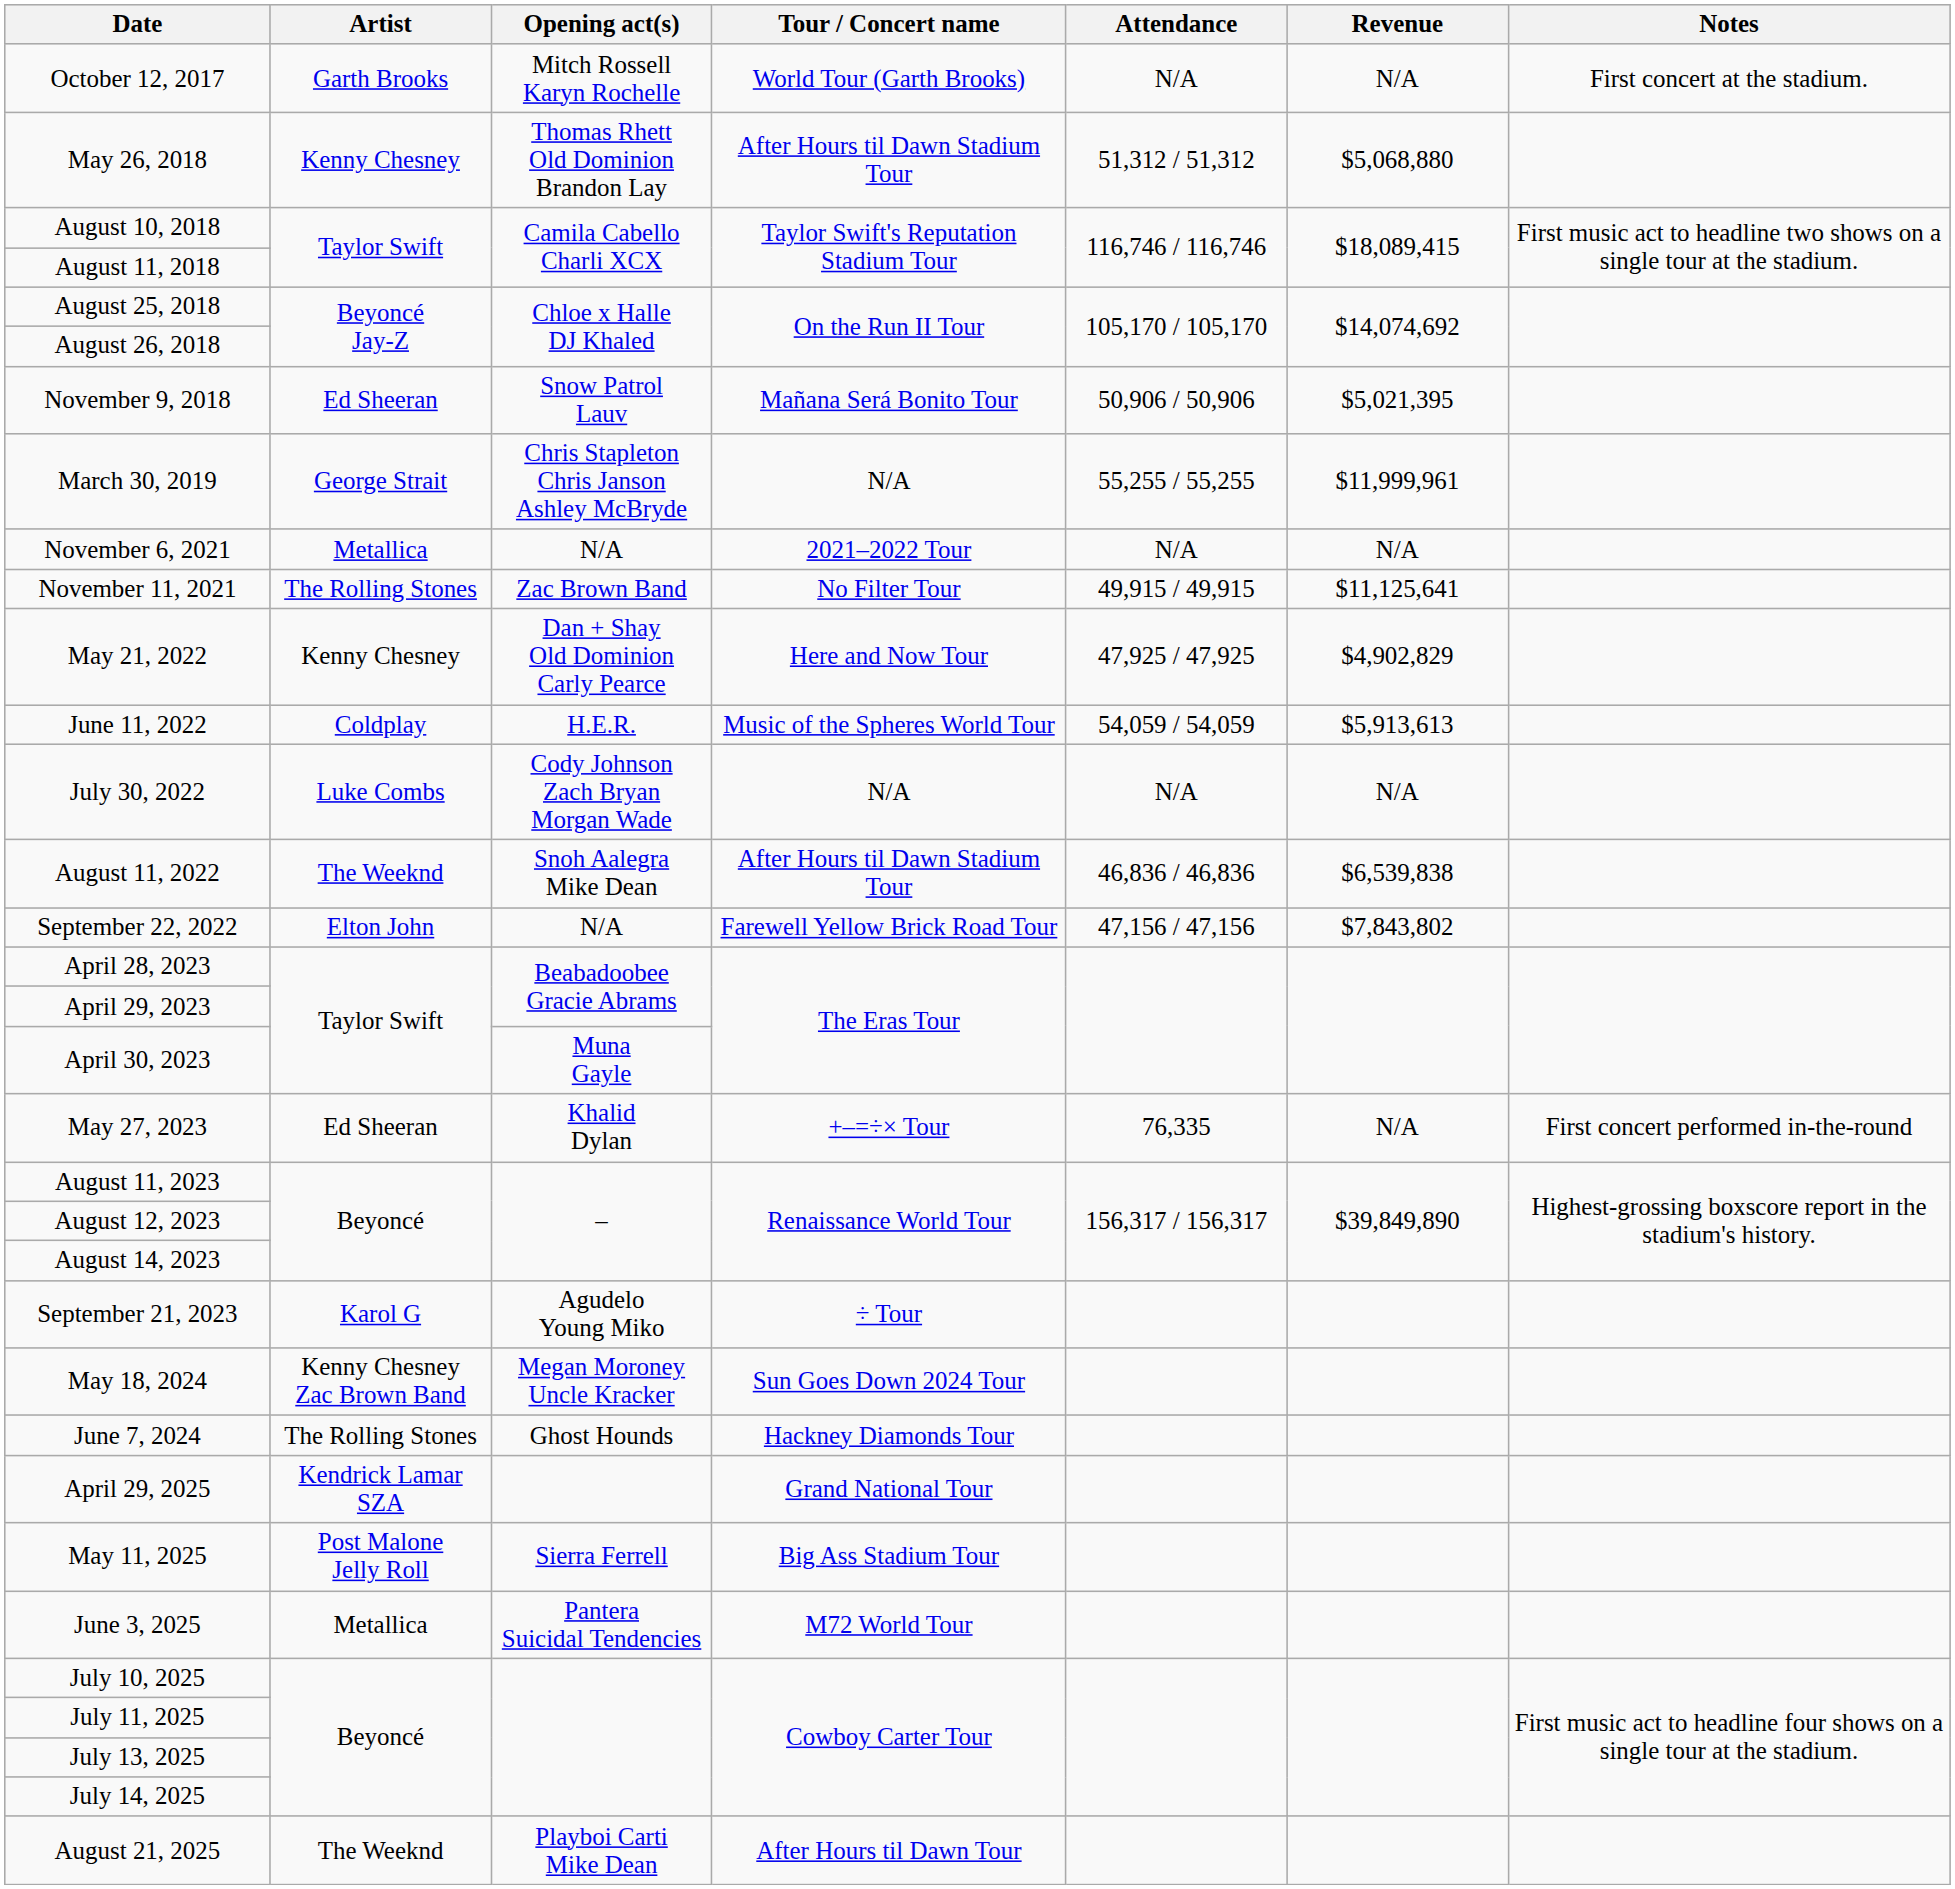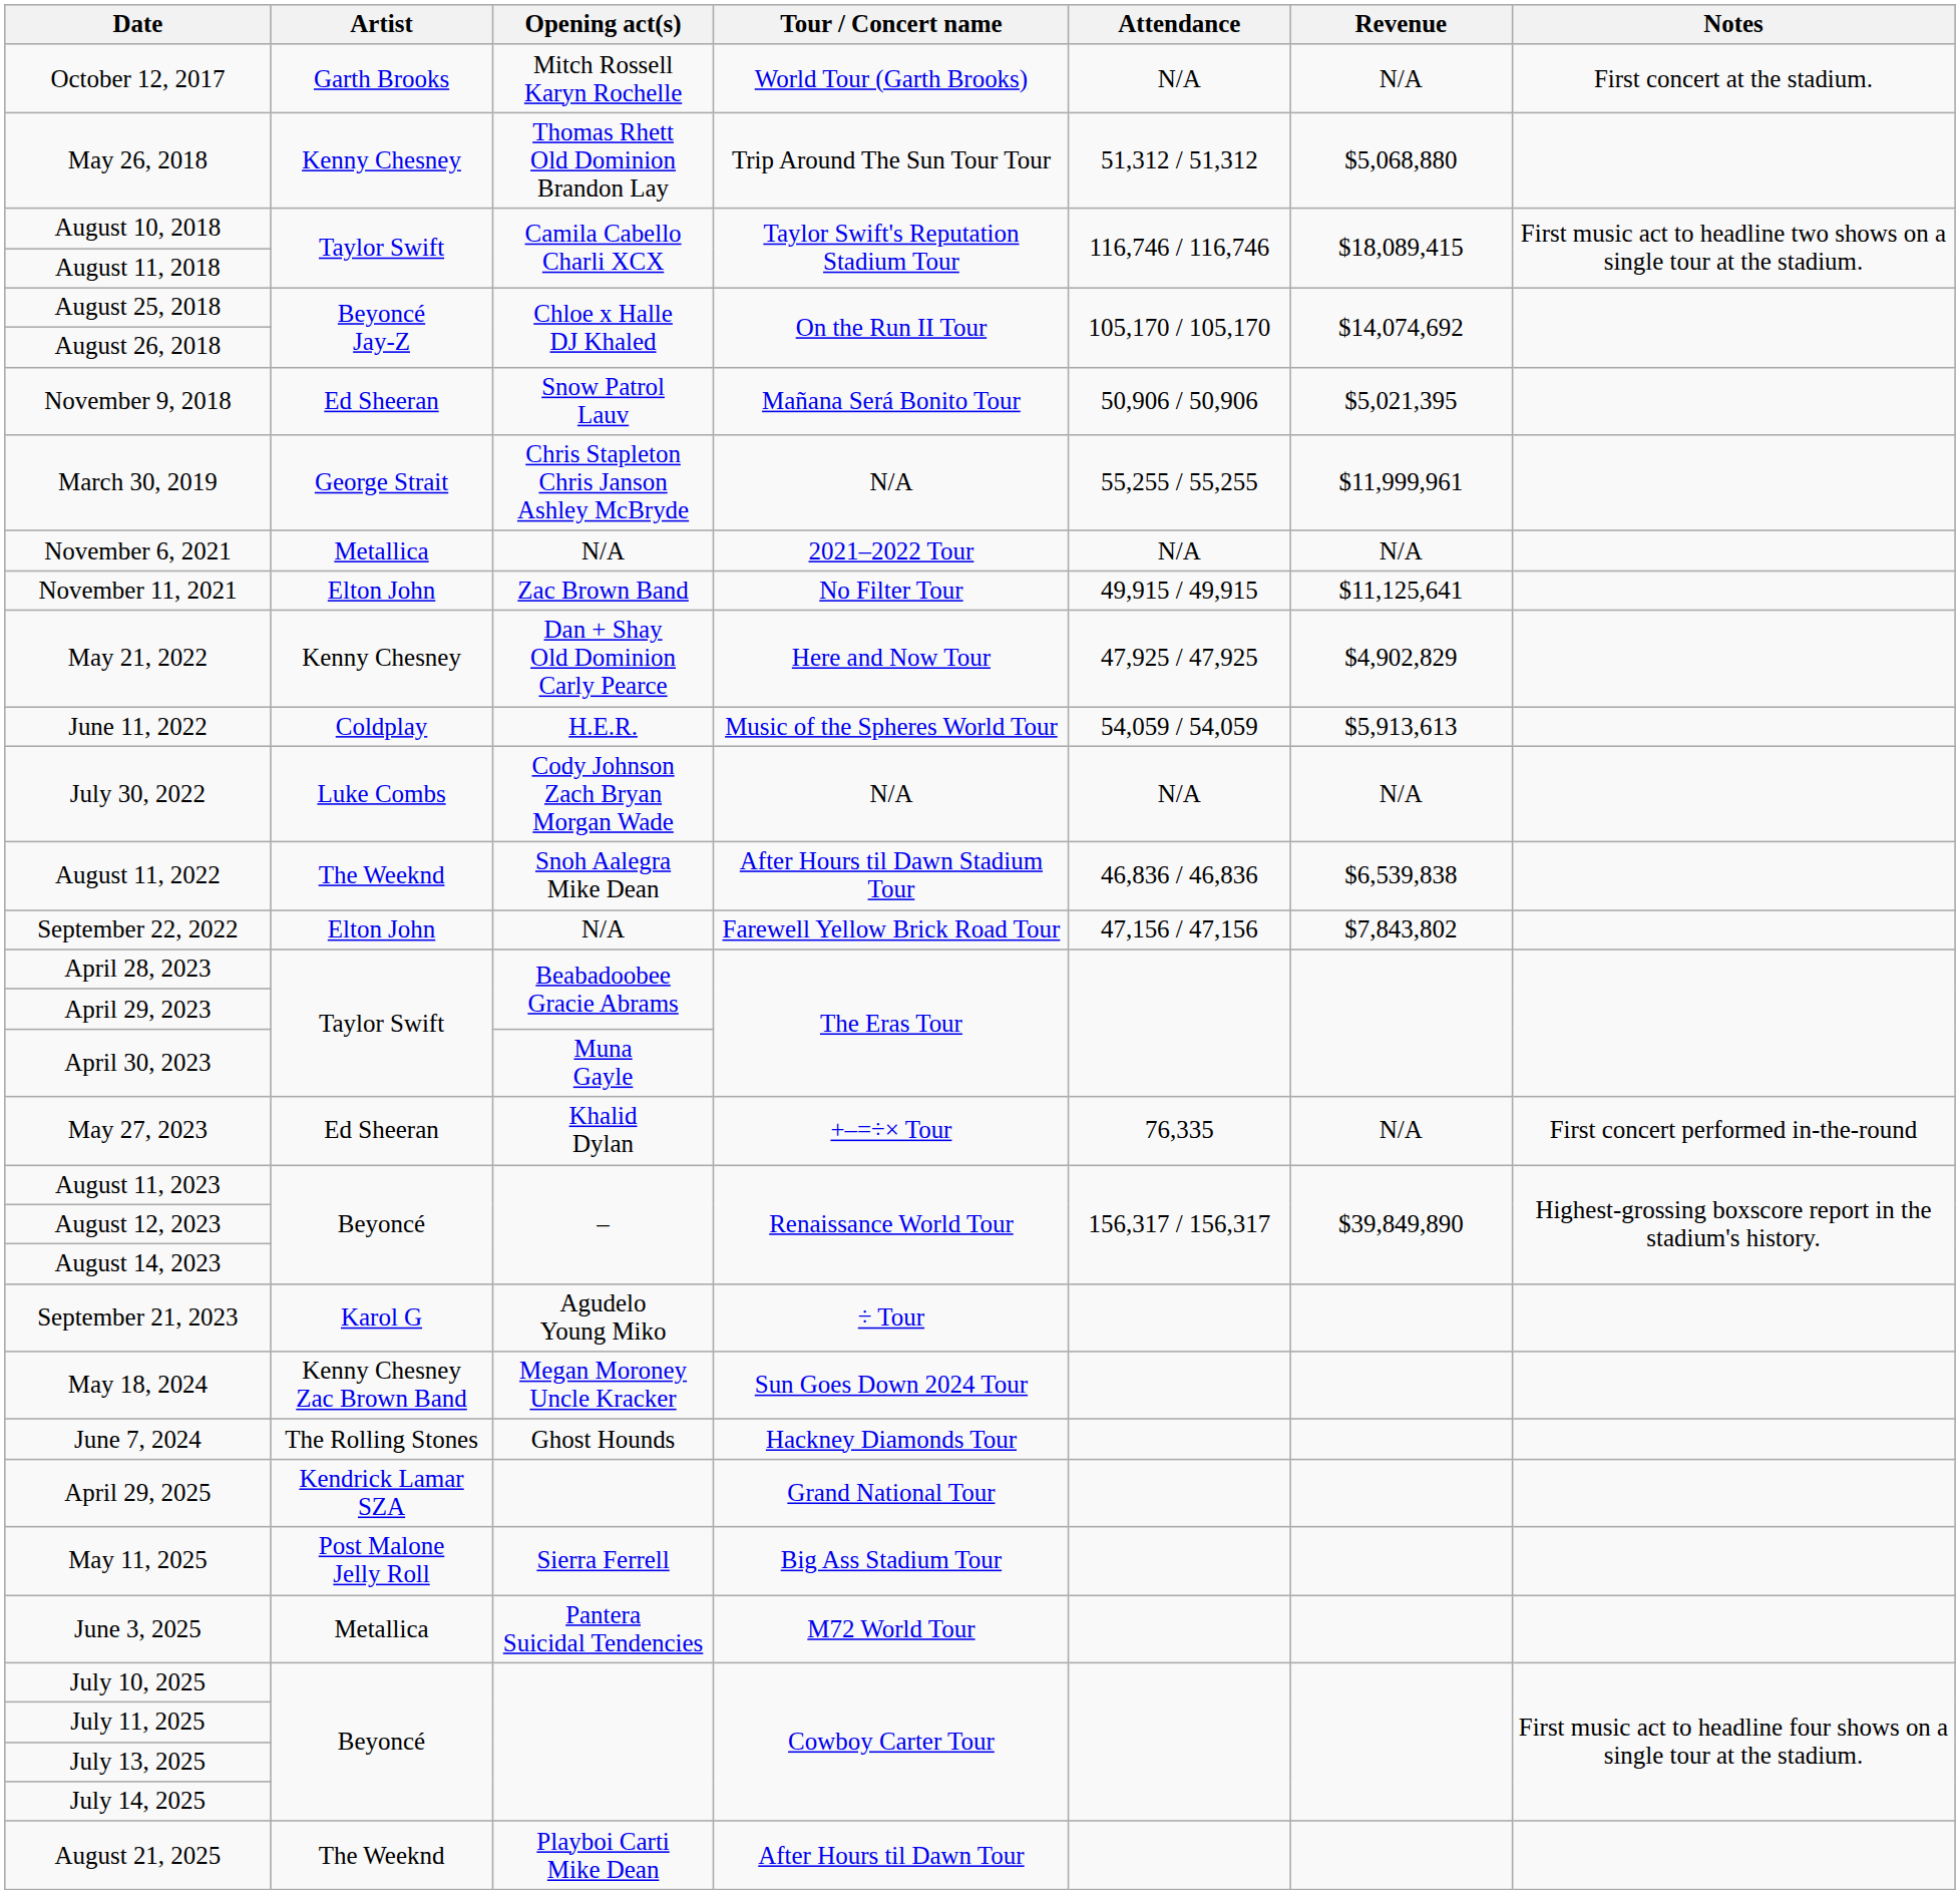 <table class="wikitable" style="text-align:center;">
 <tr>
 <th width=12% style="text-align:center;">Date</th>
 <th width=10% style="text-align:center;">Artist</th>
 <th width=10% style="text-align:center;">Opening act(s)</th>
 <th width=16% style="text-align:center;">Tour / Concert name</th>
 <th width=10% style="text-align:center;">Attendance</th>
 <th width=10% style="text-align:center;">Revenue</th>
 <th width=20% style="text-align:center;">Notes</th>
 </tr>
 <tr>
 <td>October 12, 2017</td>
 <td><a href='#'>Garth Brooks</a></td>
 <td>Mitch Rossell<br><a href='#'>Karyn Rochelle</a></td>
 <td><a href='#'>World Tour (Garth Brooks)</a></td>
 <td>N/A</td>
 <td>N/A</td>
 <td>First concert at the stadium.</td>
 </tr>
 <tr>
 <td>May 26, 2018</td>
 <td><a href='#'>Kenny Chesney</a></td>
 <td><a href='#'>Thomas Rhett</a><br><a href='#'>Old Dominion</a><br>Brandon Lay</td>
-<td><a href='#'>After Hours til Dawn Stadium Tour</a></td>
+<td>Trip Around The Sun Tour Tour</td>
 <td>51,312	/ 51,312</td>
 <td>$5,068,880</td>
 <td></td>
 </tr>
 <tr>
 <td>August 10, 2018</td>
 <td rowspan="2"><a href='#'>Taylor Swift</a></td>
 <td rowspan="2"><a href='#'>Camila Cabello</a><br><a href='#'>Charli XCX</a></td>
 <td rowspan="2"><a href='#'>Taylor Swift's Reputation Stadium Tour</a></td>
 <td rowspan="2">116,746 / 116,746</td>
 <td rowspan="2">$18,089,415</td>
 <td rowspan="2">First music act to headline two shows on a single tour at the stadium.</td>
 </tr>
 <tr>
 <td>August 11, 2018</td>
 </tr>
 <tr>
 <td>August 25, 2018</td>
 <td rowspan="2"><a href='#'>Beyoncé</a><br><a href='#'>Jay-Z</a></td>
 <td rowspan="2"><a href='#'>Chloe x Halle</a><br><a href='#'>DJ Khaled</a></td>
 <td rowspan="2"><a href='#'>On the Run II Tour</a></td>
 <td rowspan="2">105,170 / 105,170</td>
 <td rowspan="2">$14,074,692</td>
 <td rowspan="2"></td>
 </tr>
 <tr>
 <td>August 26, 2018</td>
 </tr>
 <tr>
 <td>November 9, 2018</td>
 <td><a href='#'>Ed Sheeran</a></td>
 <td><a href='#'>Snow Patrol</a><br><a href='#'>Lauv</a></td>
 <td><a href='#'>Mañana Será Bonito Tour</a></td>
 <td>50,906 / 50,906</td>
 <td>$5,021,395</td>
 <td></td>
 </tr>
 <tr>
 <td>March 30, 2019</td>
 <td><a href='#'>George Strait</a></td>
 <td><a href='#'>Chris Stapleton</a><br><a href='#'>Chris Janson</a><br><a href='#'>Ashley McBryde</a></td>
 <td>N/A</td>
 <td>55,255 / 55,255</td>
 <td>$11,999,961</td>
 <td></td>
 </tr>
 <tr>
 <td>November 6, 2021</td>
 <td><a href='#'>Metallica</a></td>
 <td>N/A</td>
 <td><a href='#'>2021–2022 Tour</a></td>
 <td>N/A</td>
 <td>N/A</td>
 <td></td>
 </tr>
 <tr>
 <td>November 11, 2021</td>
-<td><a href='#'>The Rolling Stones</a></td>
+<td><a href='#'>Elton John</a></td>
 <td><a href='#'>Zac Brown Band</a></td>
 <td><a href='#'>No Filter Tour</a></td>
 <td>49,915 / 49,915</td>
 <td>$11,125,641</td>
 <td></td>
 </tr>
 <tr>
 <td>May 21, 2022</td>
 <td>Kenny Chesney</td>
 <td><a href='#'>Dan + Shay</a><br><a href='#'>Old Dominion</a><br><a href='#'>Carly Pearce</a></td>
 <td><a href='#'>Here and Now Tour</a></td>
 <td>47,925 / 47,925</td>
 <td>$4,902,829</td>
 <td></td>
 </tr>
 <tr>
 <td>June 11, 2022</td>
 <td><a href='#'>Coldplay</a></td>
 <td><a href='#'>H.E.R.</a></td>
 <td><a href='#'>Music of the Spheres World Tour</a></td>
 <td>54,059 / 54,059</td>
 <td>$5,913,613</td>
 <td></td>
 </tr>
 <tr>
 <td>July 30, 2022</td>
 <td><a href='#'>Luke Combs</a></td>
 <td><a href='#'>Cody Johnson</a><br><a href='#'>Zach Bryan</a><br><a href='#'>Morgan Wade</a></td>
 <td>N/A</td>
 <td>N/A</td>
 <td>N/A</td>
 <td></td>
 </tr>
 <tr>
 <td>August 11, 2022</td>
 <td><a href='#'>The Weeknd</a></td>
 <td><a href='#'>Snoh Aalegra</a><br>Mike Dean</td>
 <td><a href='#'>After Hours til Dawn Stadium Tour</a></td>
 <td>46,836 / 46,836</td>
 <td>$6,539,838</td>
 <td></td>
 </tr>
 <tr>
 <td>September 22, 2022</td>
 <td><a href='#'>Elton John</a></td>
 <td>N/A</td>
 <td><a href='#'>Farewell Yellow Brick Road Tour</a></td>
 <td>47,156 / 47,156</td>
 <td>$7,843,802</td>
 <td></td>
 </tr>
 <tr>
 <td>April 28, 2023</td>
 <td rowspan="3">Taylor Swift</td>
 <td rowspan="2"><a href='#'>Beabadoobee</a><br><a href='#'>Gracie Abrams</a></td>
 <td rowspan="3"><a href='#'>The Eras Tour</a></td>
 <td rowspan="3"></td>
 <td rowspan="3"></td>
 <td rowspan="3"></td>
 </tr>
 <tr>
 <td>April 29, 2023</td>
 </tr>
 <tr>
 <td>April 30, 2023</td>
 <td><a href='#'>Muna</a><br><a href='#'>Gayle</a></td>
 </tr>
 <tr>
 <td>May 27, 2023</td>
 <td>Ed Sheeran</td>
 <td><a href='#'>Khalid</a><br>Dylan</td>
 <td><a href='#'>+–=÷× Tour</a></td>
 <td>76,335</td>
 <td>N/A</td>
 <td>First concert performed in-the-round</td>
 </tr>
 <tr>
 <td>August 11, 2023</td>
 <td rowspan="3">Beyoncé</td>
 <td rowspan="3">–</td>
 <td rowspan="3"><a href='#'>Renaissance World Tour</a></td>
 <td rowspan="3">156,317 / 156,317</td>
 <td rowspan="3">$39,849,890</td>
 <td rowspan="3">Highest-grossing boxscore report in the stadium's history.</td>
 </tr>
 <tr>
 <td>August 12, 2023</td>
 </tr>
 <tr>
 <td>August 14, 2023</td>
 </tr>
 <tr>
 <td>September 21, 2023</td>
 <td><a href='#'>Karol G</a></td>
 <td>Agudelo<br>Young Miko</td>
 <td><a href='#'>÷ Tour</a></td>
 <td></td>
 <td></td>
 <td></td>
 </tr>
 <tr>
 <td>May 18, 2024</td>
 <td>Kenny Chesney<br><a href='#'>Zac Brown Band</a></td>
 <td><a href='#'>Megan Moroney</a><br><a href='#'>Uncle Kracker</a></td>
 <td><a href='#'>Sun Goes Down 2024 Tour</a></td>
 <td></td>
 <td></td>
 <td></td>
 </tr>
 <tr>
 <td>June 7, 2024</td>
 <td>The Rolling Stones</td>
 <td>Ghost Hounds</td>
 <td><a href='#'>Hackney Diamonds Tour</a></td>
 <td></td>
 <td></td>
 <td></td>
 </tr>
 <tr>
 <td>April 29, 2025</td>
 <td><a href='#'>Kendrick Lamar</a><br><a href='#'>SZA</a></td>
 <td></td>
 <td><a href='#'>Grand National Tour</a></td>
 <td></td>
 <td></td>
 <td></td>
 </tr>
 <tr>
 <td>May 11, 2025</td>
 <td><a href='#'>Post Malone</a><br><a href='#'>Jelly Roll</a></td>
 <td><a href='#'>Sierra Ferrell</a></td>
 <td><a href='#'>Big Ass Stadium Tour</a></td>
 <td></td>
 <td></td>
 <td></td>
 </tr>
 <tr>
 <td>June 3, 2025</td>
 <td>Metallica</td>
 <td><a href='#'>Pantera</a><br><a href='#'>Suicidal Tendencies</a></td>
 <td><a href='#'>M72 World Tour</a></td>
 <td></td>
 <td></td>
 <td></td>
 </tr>
 <tr>
 <td>July 10, 2025</td>
 <td rowspan="4">Beyoncé</td>
 <td rowspan="4"></td>
 <td rowspan="4"><a href='#'>Cowboy Carter Tour</a></td>
 <td rowspan="4"></td>
 <td rowspan="4"></td>
 <td rowspan="4">First music act to headline four shows on a single tour at the stadium.</td>
 </tr>
 <tr>
 <td>July 11, 2025</td>
 </tr>
 <tr>
 <td>July 13, 2025</td>
 </tr>
 <tr>
 <td>July 14, 2025</td>
 </tr>
 <tr>
 <td>August 21, 2025</td>
 <td>The Weeknd</td>
 <td><a href='#'>Playboi Carti</a><br><a href='#'>Mike Dean</a></td>
 <td><a href='#'>After Hours til Dawn Tour</a></td>
 <td></td>
 <td></td>
 <td></td>
 </tr>
 </table>
